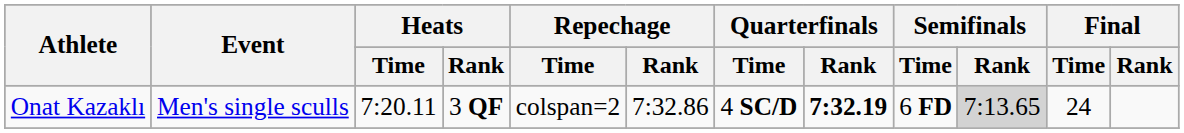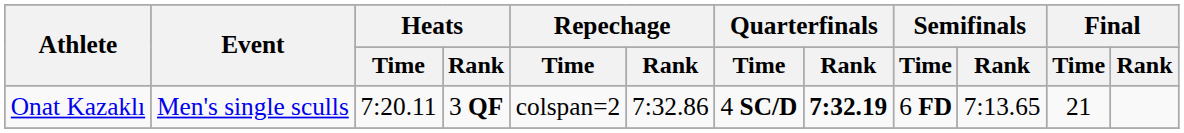 <table class="wikitable" style="font-size:90%">
 <tr>
 <th rowspan="2">Athlete</th>
 <th rowspan="2">Event</th>
 <th colspan="2">Heats</th>
 <th colspan="2">Repechage</th>
 <th colspan="2">Quarterfinals</th>
 <th colspan="2">Semifinals</th>
 <th colspan="2">Final</th>
 </tr>
 <tr style="font-size:95%">
 <th>Time</th>
 <th>Rank</th>
 <th>Time</th>
 <th>Rank</th>
 <th>Time</th>
 <th>Rank</th>
 <th>Time</th>
 <th>Rank</th>
 <th>Time</th>
 <th>Rank</th>
 </tr>
 <tr align=center>
 <td align=left><a href='#'>Onat Kazaklı</a></td>
 <td align=left><a href='#'>Men's single sculls</a></td>
 <td>7:20.11</td>
 <td>3 <strong>QF</strong></td>
 <td>colspan=2 </td>
 <td>7:32.86</td>
 <td>4 <strong>SC/D</strong></td>
 <td><strong>7:32.19</strong></td>
 <td>6 <strong>FD</strong></td>
-<td style="background: lightgrey;">7:13.65</td>
-<td>24</td>
+<td>7:13.65</td>
+<td>21</td>
 </tr>
 </table>
